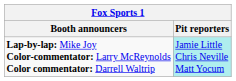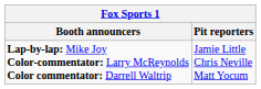 <table class="wikitable" style="font-size: 95%;">
 <tr>
 <th colspan="2"><a href='#'>Fox Sports 1</a></th>
 </tr>
 <tr>
 <th>Booth announcers</th>
 <th>Pit reporters</th>
 </tr>
 <tr>
 <td><strong>Lap-by-lap:</strong> <a href='#'>Mike Joy</a><br><strong>Color-commentator:</strong> <a href='#'>Larry McReynolds</a><br><strong>Color commentator:</strong> <a href='#'>Darrell Waltrip</a></td>
-<td style="background: paleturquoise;"><a href='#'>Jamie Little</a><br><a href='#'>Chris Neville</a><br><a href='#'>Matt Yocum</a></td>
+<td><a href='#'>Jamie Little</a><br><a href='#'>Chris Neville</a><br><a href='#'>Matt Yocum</a></td>
 </tr>
 </table>
